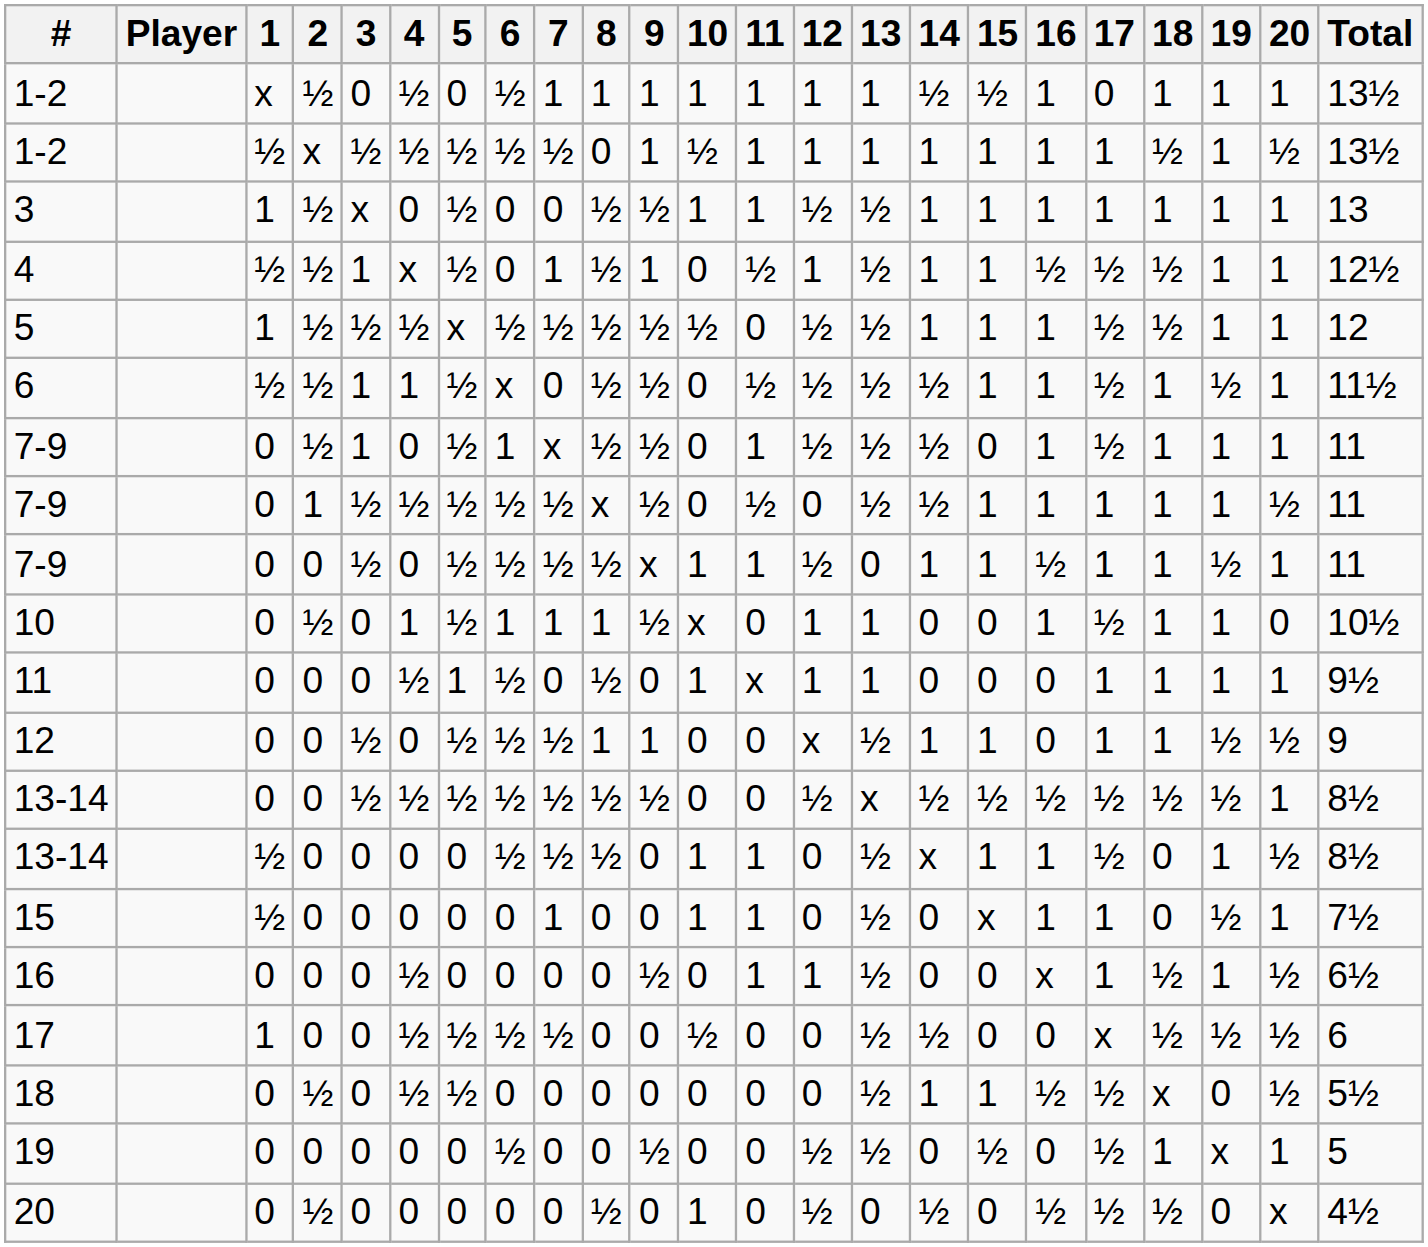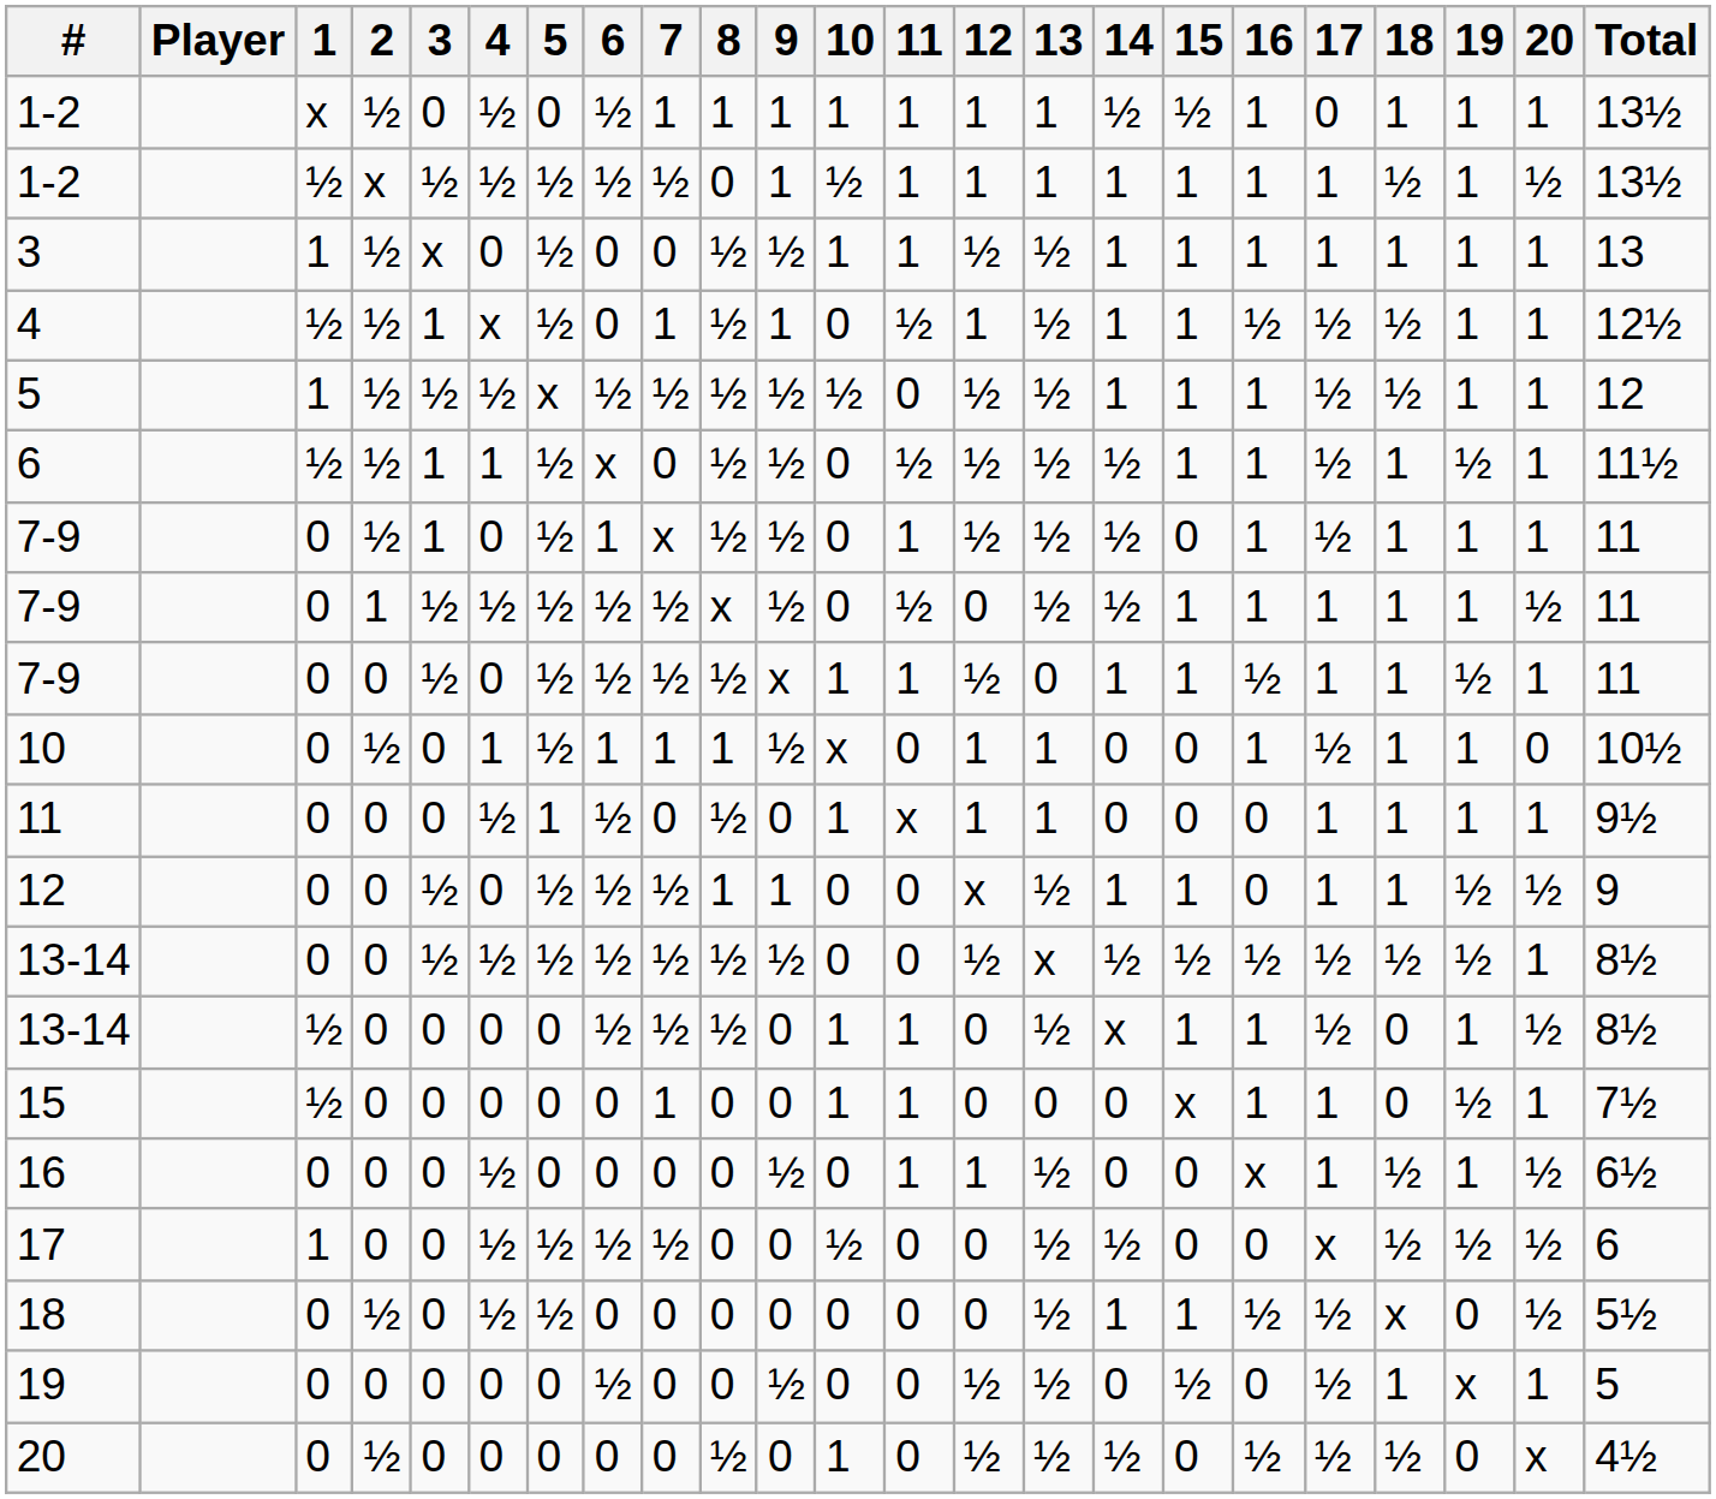 <table class="wikitable" style="text-align: left">
 <tr>
 <th>#</th>
 <th>Player</th>
 <th>1</th>
 <th>2</th>
 <th>3</th>
 <th>4</th>
 <th>5</th>
 <th>6</th>
 <th>7</th>
 <th>8</th>
 <th>9</th>
 <th>10</th>
 <th>11</th>
 <th>12</th>
 <th>13</th>
 <th>14</th>
 <th>15</th>
 <th>16</th>
 <th>17</th>
 <th>18</th>
 <th>19</th>
 <th>20</th>
 <th>Total</th>
 </tr>
 <tr>
 <td>1-2</td>
 <td></td>
 <td>x</td>
 <td>½</td>
 <td>0</td>
 <td>½</td>
 <td>0</td>
 <td>½</td>
 <td>1</td>
 <td>1</td>
 <td>1</td>
 <td>1</td>
 <td>1</td>
 <td>1</td>
 <td>1</td>
 <td>½</td>
 <td>½</td>
 <td>1</td>
 <td>0</td>
 <td>1</td>
 <td>1</td>
 <td>1</td>
 <td>13½</td>
 </tr>
 <tr>
 <td>1-2</td>
 <td></td>
 <td>½</td>
 <td>x</td>
 <td>½</td>
 <td>½</td>
 <td>½</td>
 <td>½</td>
 <td>½</td>
 <td>0</td>
 <td>1</td>
 <td>½</td>
 <td>1</td>
 <td>1</td>
 <td>1</td>
 <td>1</td>
 <td>1</td>
 <td>1</td>
 <td>1</td>
 <td>½</td>
 <td>1</td>
 <td>½</td>
 <td>13½</td>
 </tr>
 <tr>
 <td>3</td>
 <td></td>
 <td>1</td>
 <td>½</td>
 <td>x</td>
 <td>0</td>
 <td>½</td>
 <td>0</td>
 <td>0</td>
 <td>½</td>
 <td>½</td>
 <td>1</td>
 <td>1</td>
 <td>½</td>
 <td>½</td>
 <td>1</td>
 <td>1</td>
 <td>1</td>
 <td>1</td>
 <td>1</td>
 <td>1</td>
 <td>1</td>
 <td>13</td>
 </tr>
 <tr>
 <td>4</td>
 <td></td>
 <td>½</td>
 <td>½</td>
 <td>1</td>
 <td>x</td>
 <td>½</td>
 <td>0</td>
 <td>1</td>
 <td>½</td>
 <td>1</td>
 <td>0</td>
 <td>½</td>
 <td>1</td>
 <td>½</td>
 <td>1</td>
 <td>1</td>
 <td>½</td>
 <td>½</td>
 <td>½</td>
 <td>1</td>
 <td>1</td>
 <td>12½</td>
 </tr>
 <tr>
 <td>5</td>
 <td></td>
 <td>1</td>
 <td>½</td>
 <td>½</td>
 <td>½</td>
 <td>x</td>
 <td>½</td>
 <td>½</td>
 <td>½</td>
 <td>½</td>
 <td>½</td>
 <td>0</td>
 <td>½</td>
 <td>½</td>
 <td>1</td>
 <td>1</td>
 <td>1</td>
 <td>½</td>
 <td>½</td>
 <td>1</td>
 <td>1</td>
 <td>12</td>
 </tr>
 <tr>
 <td>6</td>
 <td></td>
 <td>½</td>
 <td>½</td>
 <td>1</td>
 <td>1</td>
 <td>½</td>
 <td>x</td>
 <td>0</td>
 <td>½</td>
 <td>½</td>
 <td>0</td>
 <td>½</td>
 <td>½</td>
 <td>½</td>
 <td>½</td>
 <td>1</td>
 <td>1</td>
 <td>½</td>
 <td>1</td>
 <td>½</td>
 <td>1</td>
 <td>11½</td>
 </tr>
 <tr>
 <td>7-9</td>
 <td></td>
 <td>0</td>
 <td>½</td>
 <td>1</td>
 <td>0</td>
 <td>½</td>
 <td>1</td>
 <td>x</td>
 <td>½</td>
 <td>½</td>
 <td>0</td>
 <td>1</td>
 <td>½</td>
 <td>½</td>
 <td>½</td>
 <td>0</td>
 <td>1</td>
 <td>½</td>
 <td>1</td>
 <td>1</td>
 <td>1</td>
 <td>11</td>
 </tr>
 <tr>
 <td>7-9</td>
 <td></td>
 <td>0</td>
 <td>1</td>
 <td>½</td>
 <td>½</td>
 <td>½</td>
 <td>½</td>
 <td>½</td>
 <td>x</td>
 <td>½</td>
 <td>0</td>
 <td>½</td>
 <td>0</td>
 <td>½</td>
 <td>½</td>
 <td>1</td>
 <td>1</td>
 <td>1</td>
 <td>1</td>
 <td>1</td>
 <td>½</td>
 <td>11</td>
 </tr>
 <tr>
 <td>7-9</td>
 <td></td>
 <td>0</td>
 <td>0</td>
 <td>½</td>
 <td>0</td>
 <td>½</td>
 <td>½</td>
 <td>½</td>
 <td>½</td>
 <td>x</td>
 <td>1</td>
 <td>1</td>
 <td>½</td>
 <td>0</td>
 <td>1</td>
 <td>1</td>
 <td>½</td>
 <td>1</td>
 <td>1</td>
 <td>½</td>
 <td>1</td>
 <td>11</td>
 </tr>
 <tr>
 <td>10</td>
 <td></td>
 <td>0</td>
 <td>½</td>
 <td>0</td>
 <td>1</td>
 <td>½</td>
 <td>1</td>
 <td>1</td>
 <td>1</td>
 <td>½</td>
 <td>x</td>
 <td>0</td>
 <td>1</td>
 <td>1</td>
 <td>0</td>
 <td>0</td>
 <td>1</td>
 <td>½</td>
 <td>1</td>
 <td>1</td>
 <td>0</td>
 <td>10½</td>
 </tr>
 <tr>
 <td>11</td>
 <td></td>
 <td>0</td>
 <td>0</td>
 <td>0</td>
 <td>½</td>
 <td>1</td>
 <td>½</td>
 <td>0</td>
 <td>½</td>
 <td>0</td>
 <td>1</td>
 <td>x</td>
 <td>1</td>
 <td>1</td>
 <td>0</td>
 <td>0</td>
 <td>0</td>
 <td>1</td>
 <td>1</td>
 <td>1</td>
 <td>1</td>
 <td>9½</td>
 </tr>
 <tr>
 <td>12</td>
 <td></td>
 <td>0</td>
 <td>0</td>
 <td>½</td>
 <td>0</td>
 <td>½</td>
 <td>½</td>
 <td>½</td>
 <td>1</td>
 <td>1</td>
 <td>0</td>
 <td>0</td>
 <td>x</td>
 <td>½</td>
 <td>1</td>
 <td>1</td>
 <td>0</td>
 <td>1</td>
 <td>1</td>
 <td>½</td>
 <td>½</td>
 <td>9</td>
 </tr>
 <tr>
 <td>13-14</td>
 <td></td>
 <td>0</td>
 <td>0</td>
 <td>½</td>
 <td>½</td>
 <td>½</td>
 <td>½</td>
 <td>½</td>
 <td>½</td>
 <td>½</td>
 <td>0</td>
 <td>0</td>
 <td>½</td>
 <td>x</td>
 <td>½</td>
 <td>½</td>
 <td>½</td>
 <td>½</td>
 <td>½</td>
 <td>½</td>
 <td>1</td>
 <td>8½</td>
 </tr>
 <tr>
 <td>13-14</td>
 <td></td>
 <td>½</td>
 <td>0</td>
 <td>0</td>
 <td>0</td>
 <td>0</td>
 <td>½</td>
 <td>½</td>
 <td>½</td>
 <td>0</td>
 <td>1</td>
 <td>1</td>
 <td>0</td>
 <td>½</td>
 <td>x</td>
 <td>1</td>
 <td>1</td>
 <td>½</td>
 <td>0</td>
 <td>1</td>
 <td>½</td>
 <td>8½</td>
 </tr>
 <tr>
 <td>15</td>
 <td></td>
 <td>½</td>
 <td>0</td>
 <td>0</td>
 <td>0</td>
 <td>0</td>
 <td>0</td>
 <td>1</td>
 <td>0</td>
 <td>0</td>
 <td>1</td>
 <td>1</td>
 <td>0</td>
-<td>½</td>
+<td>0</td>
 <td>0</td>
 <td>x</td>
 <td>1</td>
 <td>1</td>
 <td>0</td>
 <td>½</td>
 <td>1</td>
 <td>7½</td>
 </tr>
 <tr>
 <td>16</td>
 <td></td>
 <td>0</td>
 <td>0</td>
 <td>0</td>
 <td>½</td>
 <td>0</td>
 <td>0</td>
 <td>0</td>
 <td>0</td>
 <td>½</td>
 <td>0</td>
 <td>1</td>
 <td>1</td>
 <td>½</td>
 <td>0</td>
 <td>0</td>
 <td>x</td>
 <td>1</td>
 <td>½</td>
 <td>1</td>
 <td>½</td>
 <td>6½</td>
 </tr>
 <tr>
 <td>17</td>
 <td></td>
 <td>1</td>
 <td>0</td>
 <td>0</td>
 <td>½</td>
 <td>½</td>
 <td>½</td>
 <td>½</td>
 <td>0</td>
 <td>0</td>
 <td>½</td>
 <td>0</td>
 <td>0</td>
 <td>½</td>
 <td>½</td>
 <td>0</td>
 <td>0</td>
 <td>x</td>
 <td>½</td>
 <td>½</td>
 <td>½</td>
 <td>6</td>
 </tr>
 <tr>
 <td>18</td>
 <td></td>
 <td>0</td>
 <td>½</td>
 <td>0</td>
 <td>½</td>
 <td>½</td>
 <td>0</td>
 <td>0</td>
 <td>0</td>
 <td>0</td>
 <td>0</td>
 <td>0</td>
 <td>0</td>
 <td>½</td>
 <td>1</td>
 <td>1</td>
 <td>½</td>
 <td>½</td>
 <td>x</td>
 <td>0</td>
 <td>½</td>
 <td>5½</td>
 </tr>
 <tr>
 <td>19</td>
 <td></td>
 <td>0</td>
 <td>0</td>
 <td>0</td>
 <td>0</td>
 <td>0</td>
 <td>½</td>
 <td>0</td>
 <td>0</td>
 <td>½</td>
 <td>0</td>
 <td>0</td>
 <td>½</td>
 <td>½</td>
 <td>0</td>
 <td>½</td>
 <td>0</td>
 <td>½</td>
 <td>1</td>
 <td>x</td>
 <td>1</td>
 <td>5</td>
 </tr>
 <tr>
 <td>20</td>
 <td></td>
 <td>0</td>
 <td>½</td>
 <td>0</td>
 <td>0</td>
 <td>0</td>
 <td>0</td>
 <td>0</td>
 <td>½</td>
 <td>0</td>
 <td>1</td>
 <td>0</td>
 <td>½</td>
-<td>0</td>
+<td>½</td>
 <td>½</td>
 <td>0</td>
 <td>½</td>
 <td>½</td>
 <td>½</td>
 <td>0</td>
 <td>x</td>
 <td>4½</td>
 </tr>
 </table>
